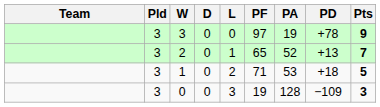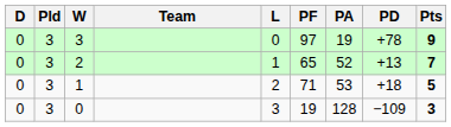 <table class="wikitable" style="text-align:center;">
 <tr>
-<th width=175>Team</th>
+<th width=25 abbr="Drawn">D</th>
 <th width=25 abbr="Played">Pld</th>
 <th width=25 abbr="Won">W</th>
-<th width=25 abbr="Drawn">D</th>
+<th width=175>Team</th>
 <th width=25 abbr="Lost">L</th>
 <th width=32 abbr="Points for">PF</th>
 <th width=32 abbr="Points against">PA</th>
 <th width=52 abbr="Points difference">PD</th>
 <th width=25 abbr="Points">Pts</th>
 </tr>
 <tr bgcolor=ccffcc>
-<td align=left></td>
+<td>0</td>
 <td>3</td>
 <td>3</td>
-<td>0</td>
+<td align=left></td>
 <td>0</td>
 <td>97</td>
 <td>19</td>
 <td>+78</td>
 <td><strong>9</strong></td>
 </tr>
 <tr bgcolor=ccffcc>
-<td align=left></td>
+<td>0</td>
 <td>3</td>
 <td>2</td>
-<td>0</td>
+<td align=left></td>
 <td>1</td>
 <td>65</td>
 <td>52</td>
 <td>+13</td>
 <td><strong>7</strong></td>
 </tr>
 <tr>
-<td align=left></td>
+<td>0</td>
 <td>3</td>
 <td>1</td>
-<td>0</td>
+<td align=left></td>
 <td>2</td>
 <td>71</td>
 <td>53</td>
 <td>+18</td>
 <td><strong>5</strong></td>
 </tr>
 <tr>
-<td align=left></td>
+<td>0</td>
 <td>3</td>
 <td>0</td>
-<td>0</td>
+<td align=left></td>
 <td>3</td>
 <td>19</td>
 <td>128</td>
 <td>−109</td>
 <td><strong>3</strong></td>
 </tr>
 </table>
